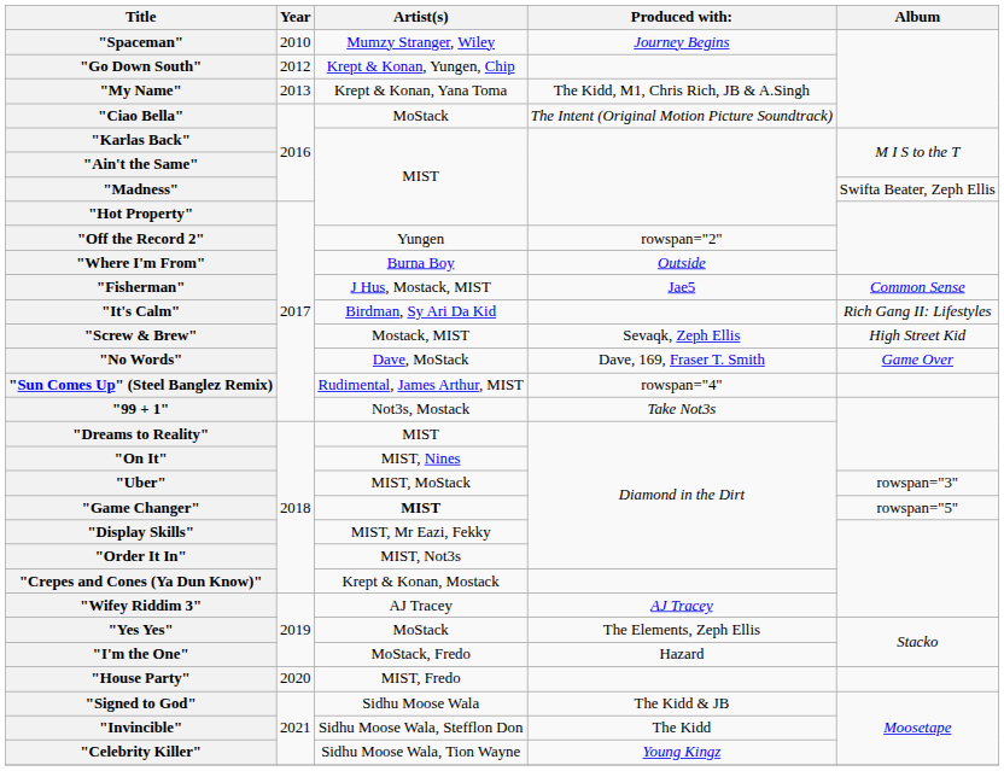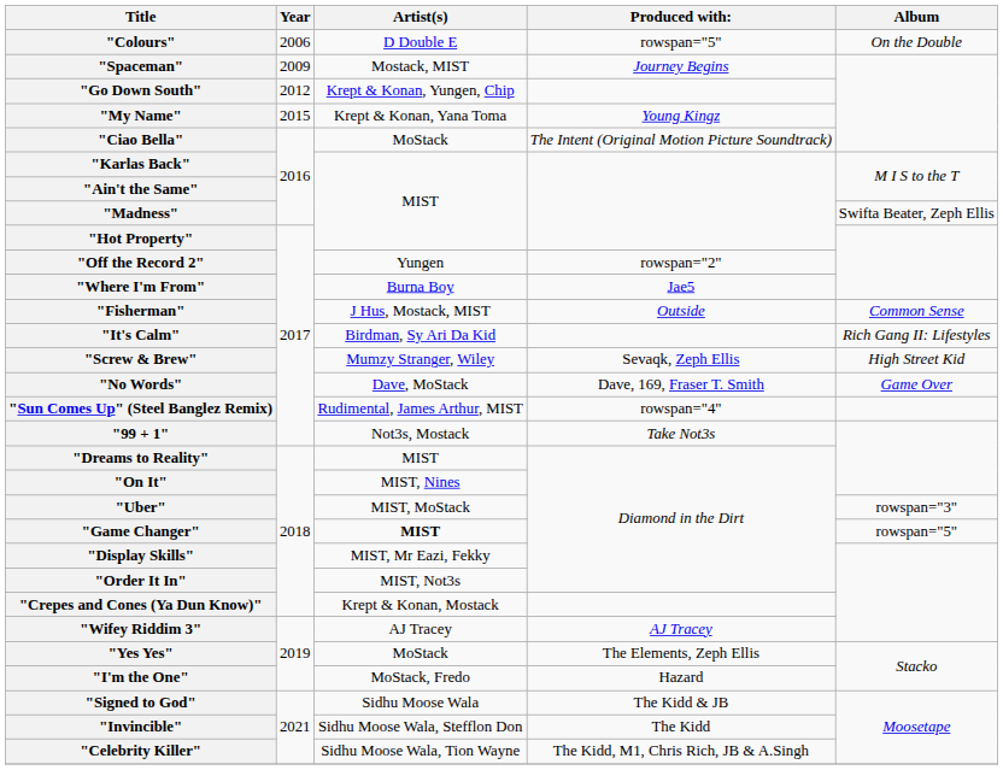 <table class="wikitable plainrowheaders" style="text-align:center;">
 <tr>
 <th scope="col">Title</th>
 <th scope="col">Year</th>
 <th scope="col">Artist(s)</th>
 <th scope="col">Produced with:</th>
 <th scope="col">Album</th>
 </tr>
 <tr>
+<th scope="row">"Colours"</th>
+<td>2006</td>
+<td><a href='#'>D Double E</a></td>
+<td>rowspan="5" </td>
+<td><em>On the Double</em></td>
+</tr>
+<tr>
 <th scope="row">"Spaceman"</th>
-<td>2010</td>
-<td><a href='#'>Mumzy Stranger</a>, <a href='#'>Wiley</a></td>
+<td>2009</td>
+<td>Mostack, MIST</td>
 <td><em><a href='#'>Journey Begins</a></em></td>
 </tr>
 <tr>
 <th scope="row">"Go Down South"</th>
 <td>2012</td>
 <td><a href='#'>Krept & Konan</a>, Yungen, <a href='#'>Chip</a></td>
 <td></td>
 </tr>
 <tr>
 <th scope="row">"My Name"</th>
-<td>2013</td>
+<td>2015</td>
 <td>Krept & Konan, Yana Toma</td>
-<td>The Kidd, M1, Chris Rich, JB & A.Singh</td>
+<td><em><a href='#'>Young Kingz</a></em></td>
 </tr>
 <tr>
 <th scope="row">"Ciao Bella"</th>
 <td rowspan="4">2016</td>
 <td>MoStack</td>
 <td><em>The Intent (Original Motion Picture Soundtrack)</em></td>
 </tr>
 <tr>
 <th scope="row">"Karlas Back"</th>
 <td rowspan="4">MIST</td>
 <td rowspan="4"></td>
 <td rowspan="2"><em>M I S to the T</em></td>
 </tr>
 <tr>
 <th scope="row">"Ain't the Same"</th>
 </tr>
 <tr>
 <th scope="row">"Madness"</th>
 <td>Swifta Beater, Zeph Ellis</td>
 </tr>
 <tr>
 <th scope="row">"Hot Property"</th>
 <td rowspan="9">2017</td>
 </tr>
 <tr>
 <th scope="row">"Off the Record 2"</th>
 <td>Yungen</td>
 <td>rowspan="2" </td>
 </tr>
 <tr>
 <th scope="row">"Where I'm From"</th>
 <td><a href='#'>Burna Boy</a></td>
-<td><em><a href='#'>Outside</a></em></td>
+<td><a href='#'>Jae5</a></td>
 </tr>
 <tr>
 <th scope="row">"Fisherman"</th>
 <td><a href='#'>J Hus</a>, Mostack, MIST</td>
-<td><a href='#'>Jae5</a></td>
+<td><em><a href='#'>Outside</a></em></td>
 <td><em><a href='#'>Common Sense</a></em></td>
 </tr>
 <tr>
 <th scope="row">"It's Calm"</th>
 <td><a href='#'>Birdman</a>, <a href='#'>Sy Ari Da Kid</a></td>
 <td></td>
 <td><em>Rich Gang II: Lifestyles</em></td>
 </tr>
 <tr>
 <th scope="row">"Screw & Brew"</th>
-<td>Mostack, MIST</td>
+<td><a href='#'>Mumzy Stranger</a>, <a href='#'>Wiley</a></td>
 <td>Sevaqk, <a href='#'>Zeph Ellis</a></td>
 <td><em>High Street Kid</em></td>
 </tr>
 <tr>
 <th scope="row">"No Words"</th>
 <td><a href='#'>Dave</a>, MoStack</td>
 <td>Dave, 169, <a href='#'>Fraser T. Smith</a></td>
 <td><em><a href='#'>Game Over</a></em></td>
 </tr>
 <tr>
 <th scope="row">"<a href='#'>Sun Comes Up</a>" (Steel Banglez Remix)</th>
 <td><a href='#'>Rudimental</a>, <a href='#'>James Arthur</a>, MIST</td>
 <td>rowspan="4" </td>
 <td></td>
 </tr>
 <tr>
 <th scope="row">"99 + 1"</th>
 <td>Not3s, Mostack</td>
 <td><em>Take Not3s</em></td>
 </tr>
 <tr>
 <th scope="row">"Dreams to Reality"</th>
 <td rowspan="7">2018</td>
 <td>MIST</td>
 <td rowspan="6"><em>Diamond in the Dirt</em></td>
 </tr>
 <tr>
 <th scope="row">"On It"</th>
 <td>MIST, <a href='#'>Nines</a></td>
 </tr>
 <tr>
 <th scope="row">"Uber"</th>
 <td>MIST, MoStack</td>
 <td>rowspan="3" </td>
 </tr>
 <tr>
 <th scope="row">"Game Changer"</th>
 <td><strong>MIST</strong></td>
 <td>rowspan="5" </td>
 </tr>
 <tr>
 <th scope="row">"Display Skills"</th>
 <td>MIST, Mr Eazi, Fekky</td>
 </tr>
 <tr>
 <th scope="row">"Order It In"</th>
 <td>MIST, Not3s</td>
 </tr>
 <tr>
 <th scope="row">"Crepes and Cones (Ya Dun Know)"</th>
 <td>Krept & Konan, Mostack</td>
 <td></td>
 </tr>
 <tr>
 <th scope="row">"Wifey Riddim 3"</th>
 <td rowspan="3">2019</td>
 <td>AJ Tracey</td>
 <td><em><a href='#'>AJ Tracey</a></em></td>
 </tr>
 <tr>
 <th scope="row">"Yes Yes"</th>
 <td>MoStack</td>
 <td>The Elements, Zeph Ellis</td>
 <td rowspan="2"><em>Stacko</em></td>
 </tr>
 <tr>
 <th scope="row">"I'm the One"</th>
 <td>MoStack, Fredo</td>
 <td>Hazard</td>
 </tr>
 <tr>
-<th scope="row">"House Party"</th>
-<td>2020</td>
-<td>MIST, Fredo</td>
-<td></td>
-<td></td>
-</tr>
-<tr>
 <th scope="row">"Signed to God"</th>
 <td rowspan="3">2021</td>
 <td>Sidhu Moose Wala</td>
 <td>The Kidd & JB</td>
 <td rowspan="3"><em><a href='#'>Moosetape</a></em></td>
 </tr>
 <tr>
 <th scope="row">"Invincible"</th>
 <td>Sidhu Moose Wala, Stefflon Don</td>
 <td>The Kidd</td>
 </tr>
 <tr>
 <th scope="row">"Celebrity Killer"</th>
 <td>Sidhu Moose Wala, Tion Wayne</td>
-<td><em><a href='#'>Young Kingz</a></em></td>
+<td>The Kidd, M1, Chris Rich, JB & A.Singh</td>
 </tr>
 <tr>
 </tr>
 </table>
